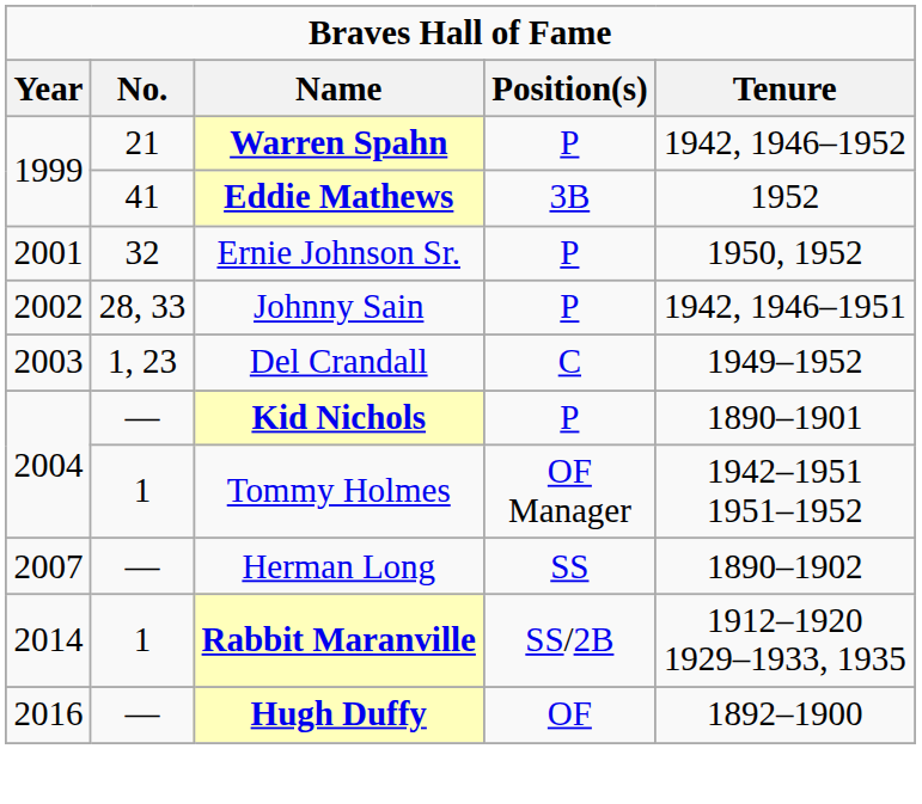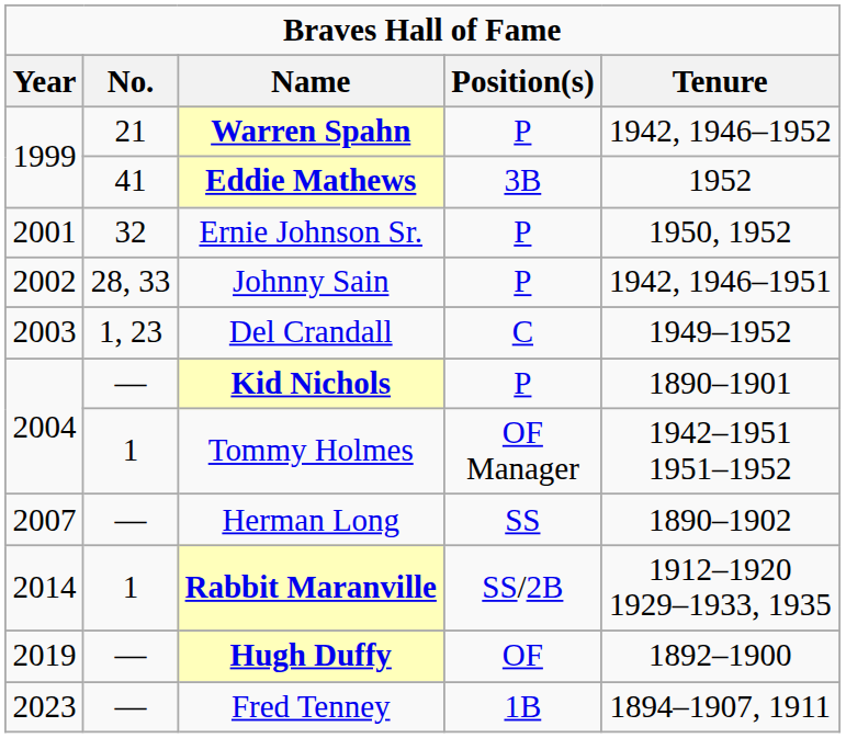 <table class="wikitable" style="text-align:center">
 <tr>
 <td colspan="5"><strong>Braves Hall of Fame</strong></td>
 </tr>
 <tr>
 <th scope="col">Year</th>
 <th scope="col">No.</th>
 <th scope="col">Name</th>
 <th scope="col">Position(s)</th>
 <th scope="col">Tenure</th>
 </tr>
 <tr>
 <td rowspan="2">1999</td>
 <td>21</td>
 <td style="background:#ffb;"><strong><a href='#'>Warren Spahn</a></strong></td>
 <td><a href='#'>P</a></td>
 <td>1942, 1946–1952</td>
 </tr>
 <tr>
 <td>41</td>
 <td style="background:#ffb;"><strong><a href='#'>Eddie Mathews</a></strong></td>
 <td><a href='#'>3B</a></td>
 <td>1952</td>
 </tr>
 <tr>
 <td>2001</td>
 <td>32</td>
 <td><a href='#'>Ernie Johnson Sr.</a></td>
 <td><a href='#'>P</a></td>
 <td>1950, 1952</td>
 </tr>
 <tr>
 <td>2002</td>
 <td>28, 33</td>
 <td><a href='#'>Johnny Sain</a></td>
 <td><a href='#'>P</a></td>
 <td>1942, 1946–1951</td>
 </tr>
 <tr>
 <td>2003</td>
 <td>1, 23</td>
 <td><a href='#'>Del Crandall</a></td>
 <td><a href='#'>C</a></td>
 <td>1949–1952</td>
 </tr>
 <tr>
 <td rowspan="2">2004</td>
 <td>—</td>
 <td style="background:#ffb;"><strong><a href='#'>Kid Nichols</a></strong></td>
 <td><a href='#'>P</a></td>
 <td>1890–1901</td>
 </tr>
 <tr>
 <td>1</td>
 <td><a href='#'>Tommy Holmes</a></td>
 <td><a href='#'>OF</a><br>Manager</td>
 <td>1942–1951<br>1951–1952</td>
 </tr>
 <tr>
 <td>2007</td>
 <td>—</td>
 <td><a href='#'>Herman Long</a></td>
 <td><a href='#'>SS</a></td>
 <td>1890–1902</td>
 </tr>
 <tr>
 <td>2014</td>
 <td>1</td>
 <td style="background:#ffb;"><strong><a href='#'>Rabbit Maranville</a></strong></td>
 <td><a href='#'>SS</a>/<a href='#'>2B</a></td>
 <td>1912–1920<br>1929–1933, 1935</td>
 </tr>
 <tr>
-<td>2016</td>
+<td>2019</td>
 <td>—</td>
 <td style="background:#ffb;"><strong><a href='#'>Hugh Duffy</a></strong></td>
 <td><a href='#'>OF</a></td>
 <td>1892–1900</td>
 </tr>
+<tr>
+<td>2023</td>
+<td>—</td>
+<td><a href='#'>Fred Tenney</a></td>
+<td><a href='#'>1B</a></td>
+<td>1894–1907, 1911</td>
+</tr>
 </table>
